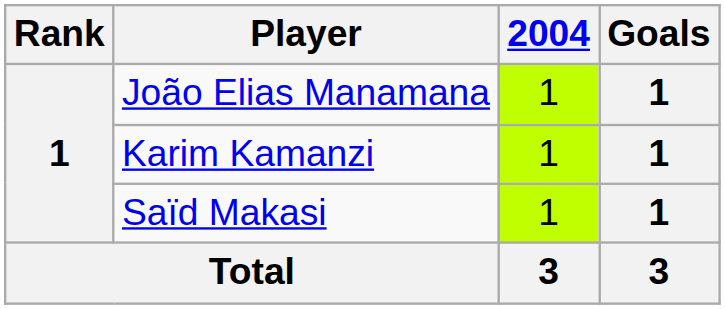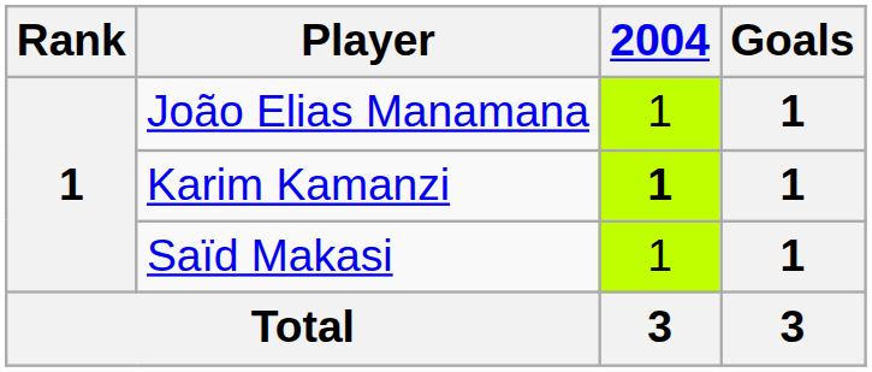 <table class="wikitable" style="font-size:99%; text-align:center">
 <tr>
 <th>Rank</th>
 <th>Player</th>
 <th><a href='#'>2004</a></th>
 <th>Goals</th>
 </tr>
 <tr>
 <th rowspan="3">1</th>
 <td align="left"><a href='#'>João Elias Manamana</a></td>
 <td bgcolor=bfff00>1</td>
 <th>1</th>
 </tr>
 <tr>
 <td align="left"><a href='#'>Karim Kamanzi</a></td>
-<td bgcolor=bfff00>1</td>
+<td bgcolor=bfff00><strong>1</strong></td>
 <th>1</th>
 </tr>
 <tr>
 <td align="left"><a href='#'>Saïd Makasi</a></td>
 <td bgcolor=bfff00>1</td>
 <th>1</th>
 </tr>
 <tr>
 <th colspan="2">Total</th>
 <th>3</th>
 <th>3</th>
 </tr>
 </table>
